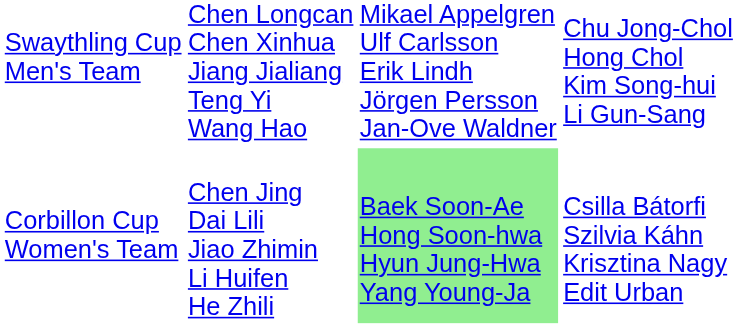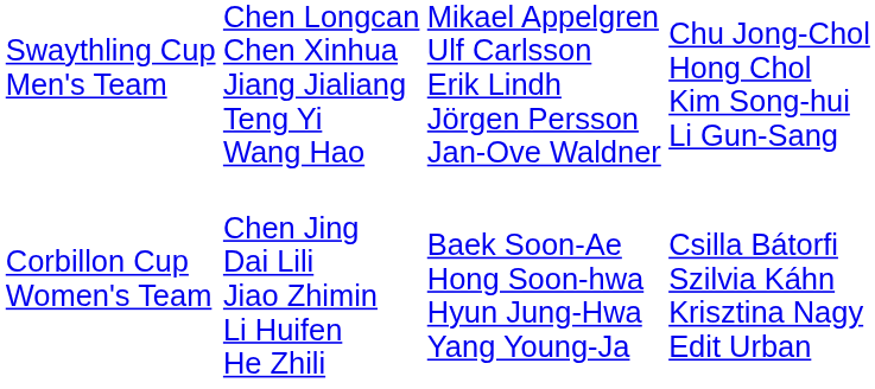 <table>
 <tr>
 <td><a href='#'>Swaythling Cup<br>Men's Team</a></td>
 <td><br><a href='#'>Chen Longcan</a><br><a href='#'>Chen Xinhua</a><br><a href='#'>Jiang Jialiang</a><br><a href='#'>Teng Yi</a><br><a href='#'>Wang Hao</a></td>
 <td><br><a href='#'>Mikael Appelgren</a><br><a href='#'>Ulf Carlsson</a><br><a href='#'>Erik Lindh</a><br><a href='#'>Jörgen Persson</a><br><a href='#'>Jan-Ove Waldner</a></td>
 <td><br><a href='#'>Chu Jong-Chol</a><br><a href='#'>Hong Chol</a><br><a href='#'>Kim Song-hui</a><br><a href='#'>Li Gun-Sang</a></td>
 </tr>
 <tr>
 <td><a href='#'>Corbillon Cup<br>Women's Team</a></td>
 <td><br><a href='#'>Chen Jing</a><br><a href='#'>Dai Lili</a><br><a href='#'>Jiao Zhimin</a><br><a href='#'>Li Huifen</a><br><a href='#'>He Zhili</a></td>
-<td style="background: lightgreen;"><br><a href='#'>Baek Soon-Ae</a><br><a href='#'>Hong Soon-hwa</a><br><a href='#'>Hyun Jung-Hwa</a><br><a href='#'>Yang Young-Ja</a></td>
+<td><br><a href='#'>Baek Soon-Ae</a><br><a href='#'>Hong Soon-hwa</a><br><a href='#'>Hyun Jung-Hwa</a><br><a href='#'>Yang Young-Ja</a></td>
 <td><br><a href='#'>Csilla Bátorfi</a><br><a href='#'>Szilvia Káhn</a><br><a href='#'>Krisztina Nagy</a><br><a href='#'>Edit Urban</a></td>
 </tr>
 </table>
